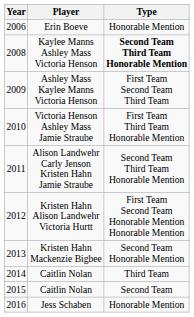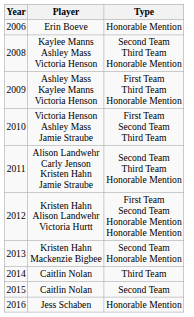 <table class="wikitable" style="text-align: center">
 <tr align=center>
 <th>Year</th>
 <th>Player</th>
 <th>Type</th>
 </tr>
 <tr>
 <td>2006</td>
 <td>Erin Boeve</td>
 <td>Honorable Mention</td>
 </tr>
 <tr>
 <td>2008</td>
 <td>Kaylee Manns<br>Ashley Mass<br>Victoria Henson</td>
-<td><strong>Second Team<br>Third Team<br>Honorable Mention</strong></td>
+<td>Second Team<br>Third Team<br>Honorable Mention</td>
 </tr>
 <tr>
 <td>2009</td>
 <td>Ashley Mass<br>Kaylee Manns<br>Victoria Henson</td>
-<td>First Team<br>Second Team<br>Third Team</td>
+<td>First Team<br>Third Team<br>Honorable Mention</td>
 </tr>
 <tr>
 <td>2010</td>
 <td>Victoria Henson<br>Ashley Mass<br>Jamie Straube</td>
-<td>First Team<br>Third Team<br>Honorable Mention</td>
+<td>First Team<br>Second Team<br>Third Team</td>
 </tr>
 <tr>
 <td>2011</td>
 <td>Alison Landwehr<br>Carly Jenson<br>Kristen Hahn<br>Jamie Straube</td>
 <td>Second Team<br>Third Team<br>Honorable Mention</td>
 </tr>
 <tr>
 <td>2012</td>
 <td>Kristen Hahn<br>Alison Landwehr<br>Victoria Hurtt</td>
 <td>First Team<br>Second Team<br>Honorable Mention<br>Honorable Mention</td>
 </tr>
 <tr>
 <td>2013</td>
 <td>Kristen Hahn<br>Mackenzie Bigbee</td>
 <td>Second Team<br>Honorable Mention</td>
 </tr>
 <tr>
 <td>2014</td>
 <td>Caitlin Nolan</td>
 <td>Third Team</td>
 </tr>
 <tr>
 <td>2015</td>
 <td>Caitlin Nolan</td>
 <td>Second Team</td>
 </tr>
 <tr>
 <td>2016</td>
 <td>Jess Schaben</td>
 <td>Honorable Mention</td>
 </tr>
 </table>
